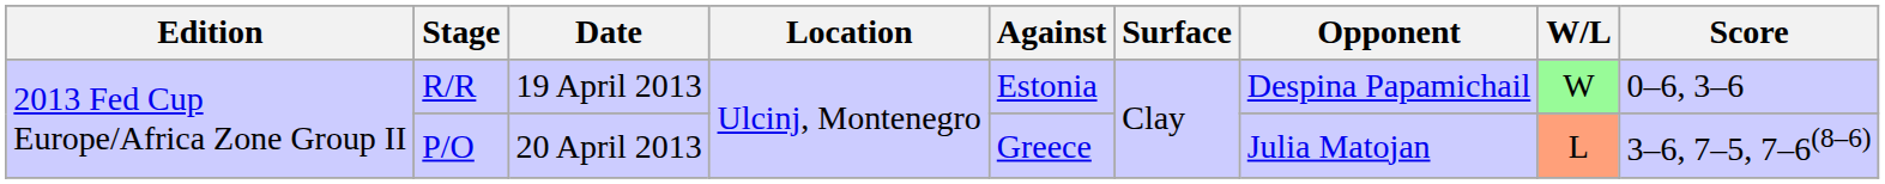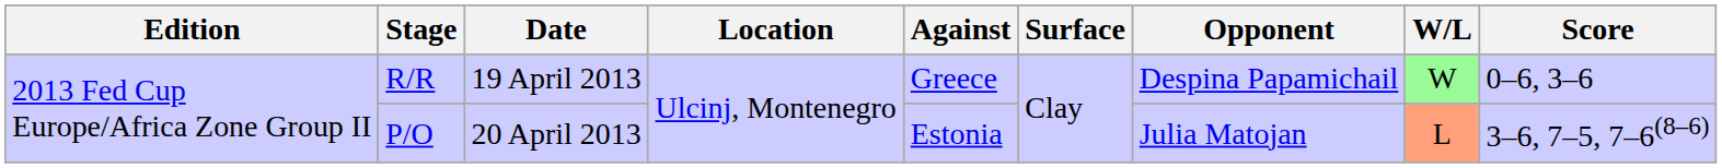 <table class=wikitable style=font-size:97%>
 <tr>
 <th>Edition</th>
 <th>Stage</th>
 <th>Date</th>
 <th>Location</th>
 <th>Against</th>
 <th>Surface</th>
 <th>Opponent</th>
 <th>W/L</th>
 <th>Score</th>
 </tr>
 <tr style="background:#ccf;">
 <td rowspan="2"><a href='#'>2013 Fed Cup</a> <br> Europe/Africa Zone Group II</td>
 <td><a href='#'>R/R</a></td>
 <td>19 April 2013</td>
 <td rowspan="2"><a href='#'>Ulcinj</a>, Montenegro</td>
-<td> <a href='#'>Estonia</a></td>
+<td> <a href='#'>Greece</a></td>
 <td rowspan="2">Clay</td>
 <td> <a href='#'>Despina Papamichail</a></td>
 <td style="text-align:center; background:#98fb98;">W</td>
 <td>0–6, 3–6</td>
 </tr>
 <tr style="background:#ccf;">
 <td><a href='#'>P/O</a></td>
 <td>20 April 2013</td>
-<td> <a href='#'>Greece</a></td>
+<td> <a href='#'>Estonia</a></td>
 <td> <a href='#'>Julia Matojan</a></td>
 <td style="text-align:center; background:#ffa07a;">L</td>
 <td>3–6, 7–5, 7–6<sup>(8–6)</sup></td>
 </tr>
 </table>
